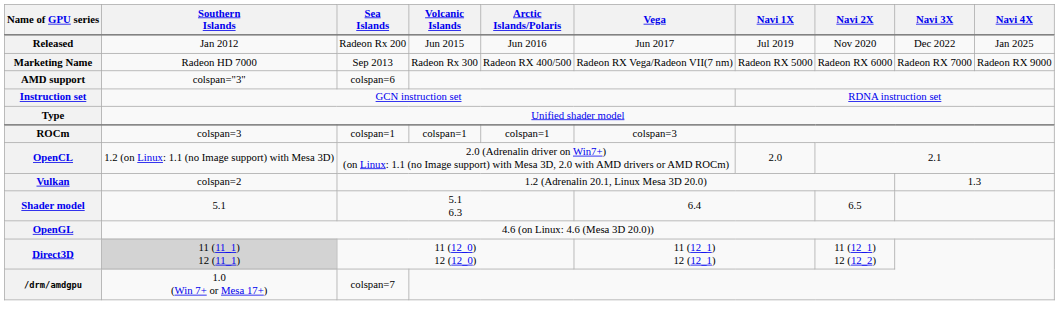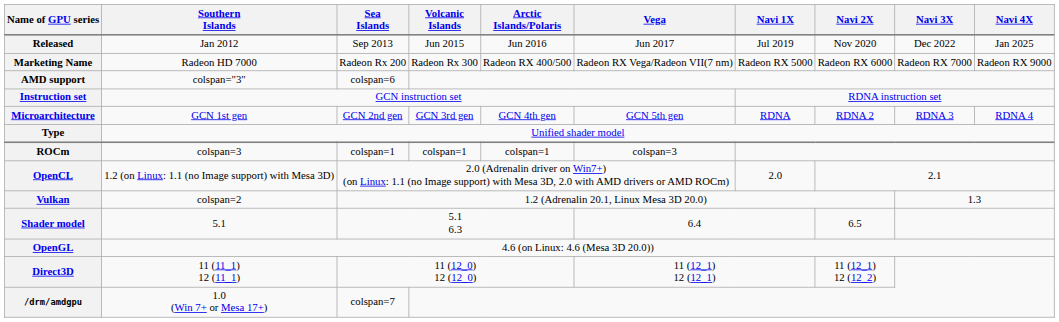 <table class="wikitable" style="font-size: 85%; text-align: center">
 <tr>
 <th>Name of <a href='#'>GPU</a> series</th>
 <th><a href='#'>Southern<br>Islands</a></th>
 <th><a href='#'>Sea<br>Islands</a></th>
 <th><a href='#'>Volcanic<br>Islands</a></th>
 <th><a href='#'>Arctic<br>Islands/Polaris</a></th>
 <th><a href='#'>Vega</a></th>
 <th><a href='#'>Navi 1X</a></th>
 <th><a href='#'>Navi 2X</a></th>
 <th><a href='#'>Navi 3X</a></th>
 <th><a href='#'>Navi 4X</a></th>
 </tr>
 <tr style="border-top:2px solid grey">
 <th>Released</th>
 <td>Jan 2012</td>
-<td>Radeon Rx 200</td>
+<td>Sep 2013</td>
 <td>Jun 2015</td>
 <td>Jun 2016</td>
 <td>Jun 2017</td>
 <td>Jul 2019</td>
 <td>Nov 2020</td>
 <td>Dec 2022</td>
 <td>Jan 2025</td>
 </tr>
 <tr>
 <th>Marketing Name</th>
 <td>Radeon HD 7000</td>
-<td>Sep 2013</td>
+<td>Radeon Rx 200</td>
 <td>Radeon Rx 300</td>
 <td>Radeon RX 400/500</td>
 <td>Radeon RX Vega/Radeon VII(7 nm)</td>
 <td>Radeon RX 5000</td>
 <td>Radeon RX 6000</td>
 <td>Radeon RX 7000</td>
 <td>Radeon RX 9000</td>
 </tr>
 <tr>
 <th>AMD support</th>
 <td>colspan="3" </td>
 <td>colspan=6 </td>
 </tr>
 <tr>
 <th><a href='#'>Instruction set</a></th>
 <td colspan=5><a href='#'>GCN instruction set</a></td>
 <td colspan=4><a href='#'>RDNA instruction set</a></td>
+</tr>
+<tr>
+<th><a href='#'>Microarchitecture</a></th>
+<td><a href='#'>GCN 1st gen</a></td>
+<td><a href='#'>GCN 2nd gen</a></td>
+<td><a href='#'>GCN 3rd gen</a></td>
+<td><a href='#'>GCN 4th gen</a></td>
+<td><a href='#'>GCN 5th gen</a></td>
+<td><a href='#'>RDNA</a></td>
+<td><a href='#'>RDNA 2</a></td>
+<td><a href='#'>RDNA 3</a></td>
+<td><a href='#'>RDNA 4</a></td>
 </tr>
 <tr>
 <th>Type</th>
 <td colspan="9"><a href='#'>Unified shader model</a></td>
 </tr>
 <tr style="border-top:2px solid grey">
 <th>ROCm</th>
 <td>colspan=3 </td>
 <td>colspan=1 </td>
 <td>colspan=1 </td>
 <td>colspan=1 </td>
 <td>colspan=3 </td>
 </tr>
 <tr>
 <th><a href='#'>OpenCL</a></th>
 <td>1.2 (on <a href='#'>Linux</a>: 1.1 (no Image support) with Mesa 3D)</td>
 <td colspan=4>2.0 (Adrenalin driver on <a href='#'>Win7+</a>)<br>(on <a href='#'>Linux</a>: 1.1 (no Image support) with Mesa 3D, 2.0 with AMD drivers or AMD ROCm)</td>
 <td>2.0</td>
 <td colspan=3>2.1</td>
 </tr>
 <tr>
 <th><a href='#'>Vulkan</a></th>
 <td>colspan=2 </td>
 <td colspan=6>1.2 (Adrenalin 20.1, Linux Mesa 3D 20.0)</td>
 <td colspan=2>1.3</td>
 </tr>
 <tr>
 <th><a href='#'>Shader model</a></th>
 <td>5.1</td>
 <td colspan=3>5.1<br>6.3</td>
 <td colspan=2>6.4</td>
 <td>6.5</td>
 </tr>
 <tr>
 <th><a href='#'>OpenGL</a></th>
 <td colspan=9>4.6 (on Linux: 4.6 (Mesa 3D 20.0))</td>
 </tr>
 <tr>
 <th><a href='#'>Direct3D</a></th>
-<td style="background: lightgrey;">11 (<a href='#'>11_1</a>)<br>12 (<a href='#'>11_1</a>)</td>
+<td>11 (<a href='#'>11_1</a>)<br>12 (<a href='#'>11_1</a>)</td>
 <td colspan=3>11 (<a href='#'>12_0</a>)<br>12 (<a href='#'>12_0</a>)</td>
 <td colspan=2>11 (<a href='#'>12_1</a>)<br>12 (<a href='#'>12_1</a>)</td>
 <td>11 (<a href='#'>12_1</a>)<br>12 (<a href='#'>12_2</a>)</td>
 </tr>
 <tr>
 <th><code>/drm/amdgpu</code></th>
 <td>1.0<br>(<a href='#'>Win 7+</a> or <a href='#'>Mesa 17+</a>)</td>
 <td>colspan=7 </td>
 </tr>
 </table>
